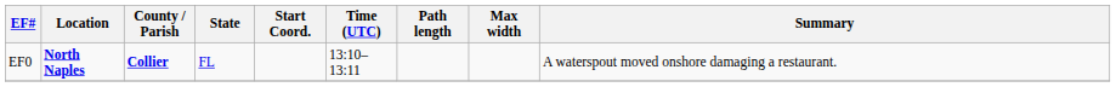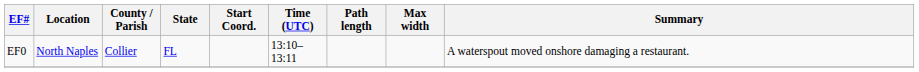 <table class="wikitable sortable" style="width:100%;">
 <tr>
 <th scope="col"  style="width:3%; text-align:center;"><a href='#'>EF#</a></th>
 <th scope="col"  style="width:7%; text-align:center;" class="unsortable">Location</th>
 <th scope="col"  style="width:6%; text-align:center;" class="unsortable">County / Parish</th>
 <th scope="col"  style="width:5%; text-align:center;">State</th>
 <th scope="col"  style="width:6%; text-align:center;">Start Coord.</th>
 <th scope="col"  style="width:6%; text-align:center;">Time (<a href='#'>UTC</a>)</th>
 <th scope="col"  style="width:6%; text-align:center;">Path length</th>
 <th scope="col"  style="width:6%; text-align:center;">Max width</th>
 <th scope="col" class="unsortable" style="width:48%; text-align:center;">Summary</th>
 </tr>
 <tr>
 <td>EF0</td>
-<td><strong><a href='#'>North Naples</a></strong></td>
-<td><strong><a href='#'>Collier</a></strong></td>
+<td><a href='#'>North Naples</a></td>
+<td><a href='#'>Collier</a></td>
 <td><a href='#'>FL</a></td>
 <td></td>
 <td>13:10–13:11</td>
 <td></td>
 <td></td>
 <td>A waterspout moved onshore damaging a restaurant.</td>
 </tr>
 <tr>
 </tr>
 </table>
